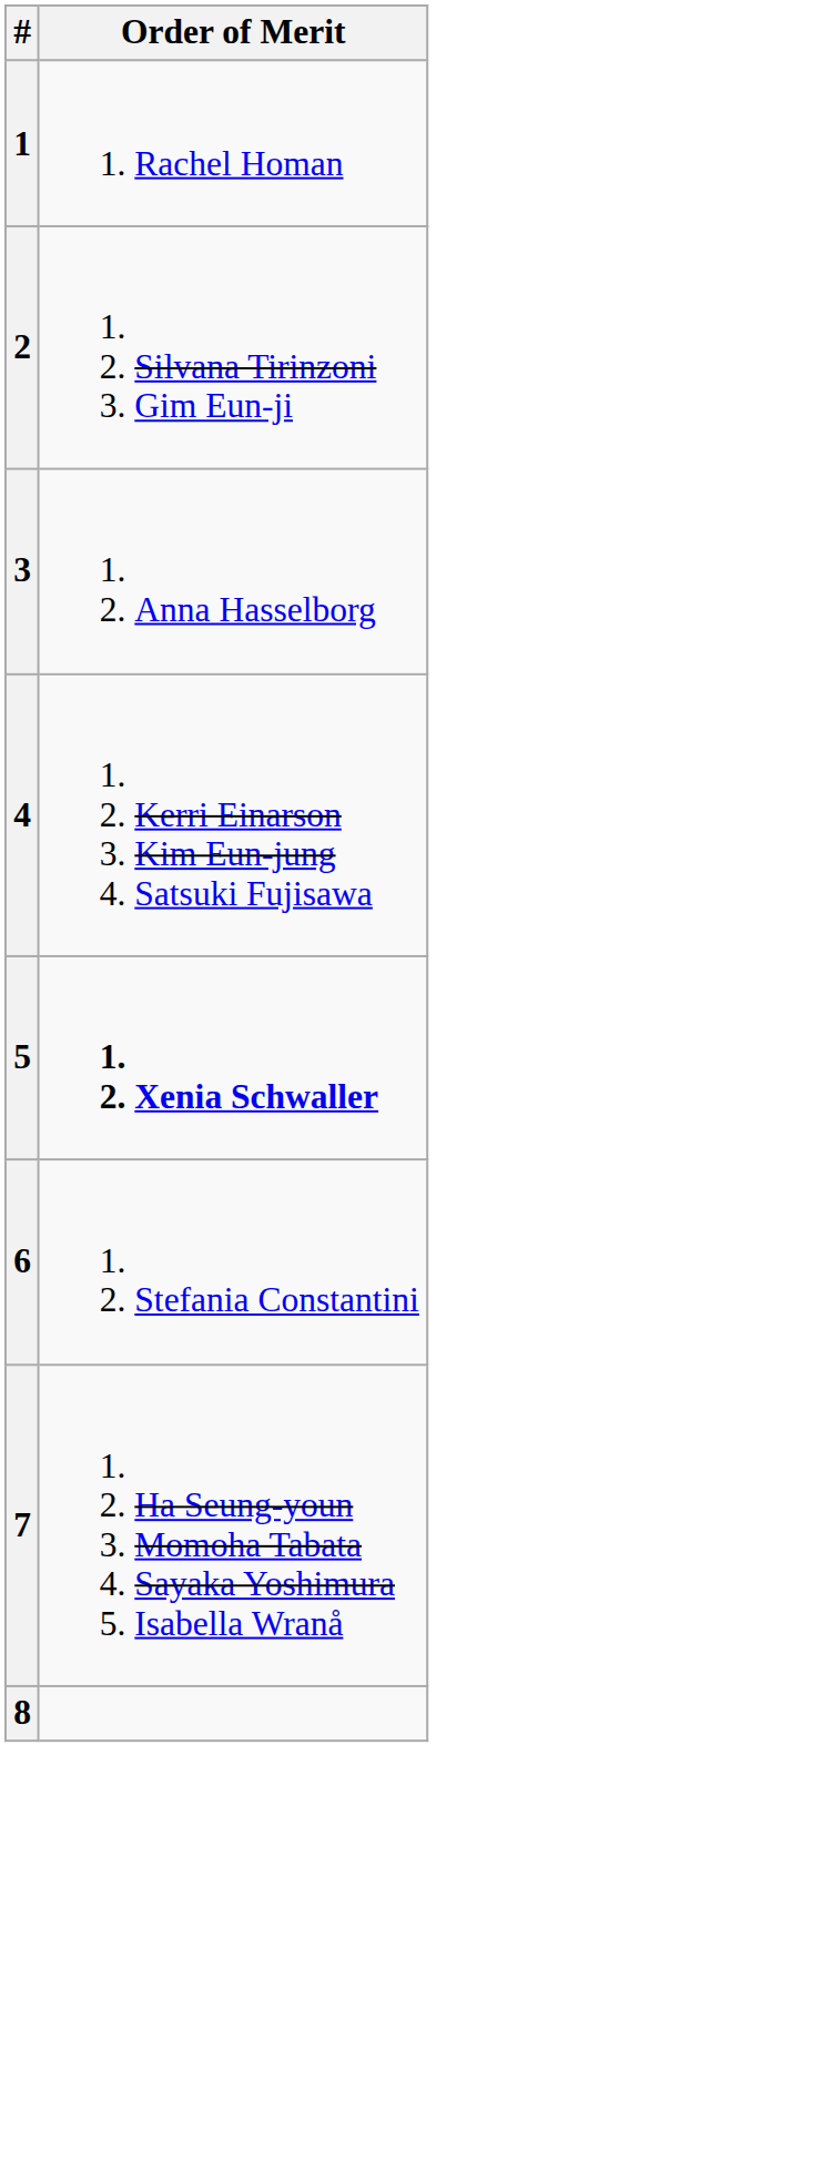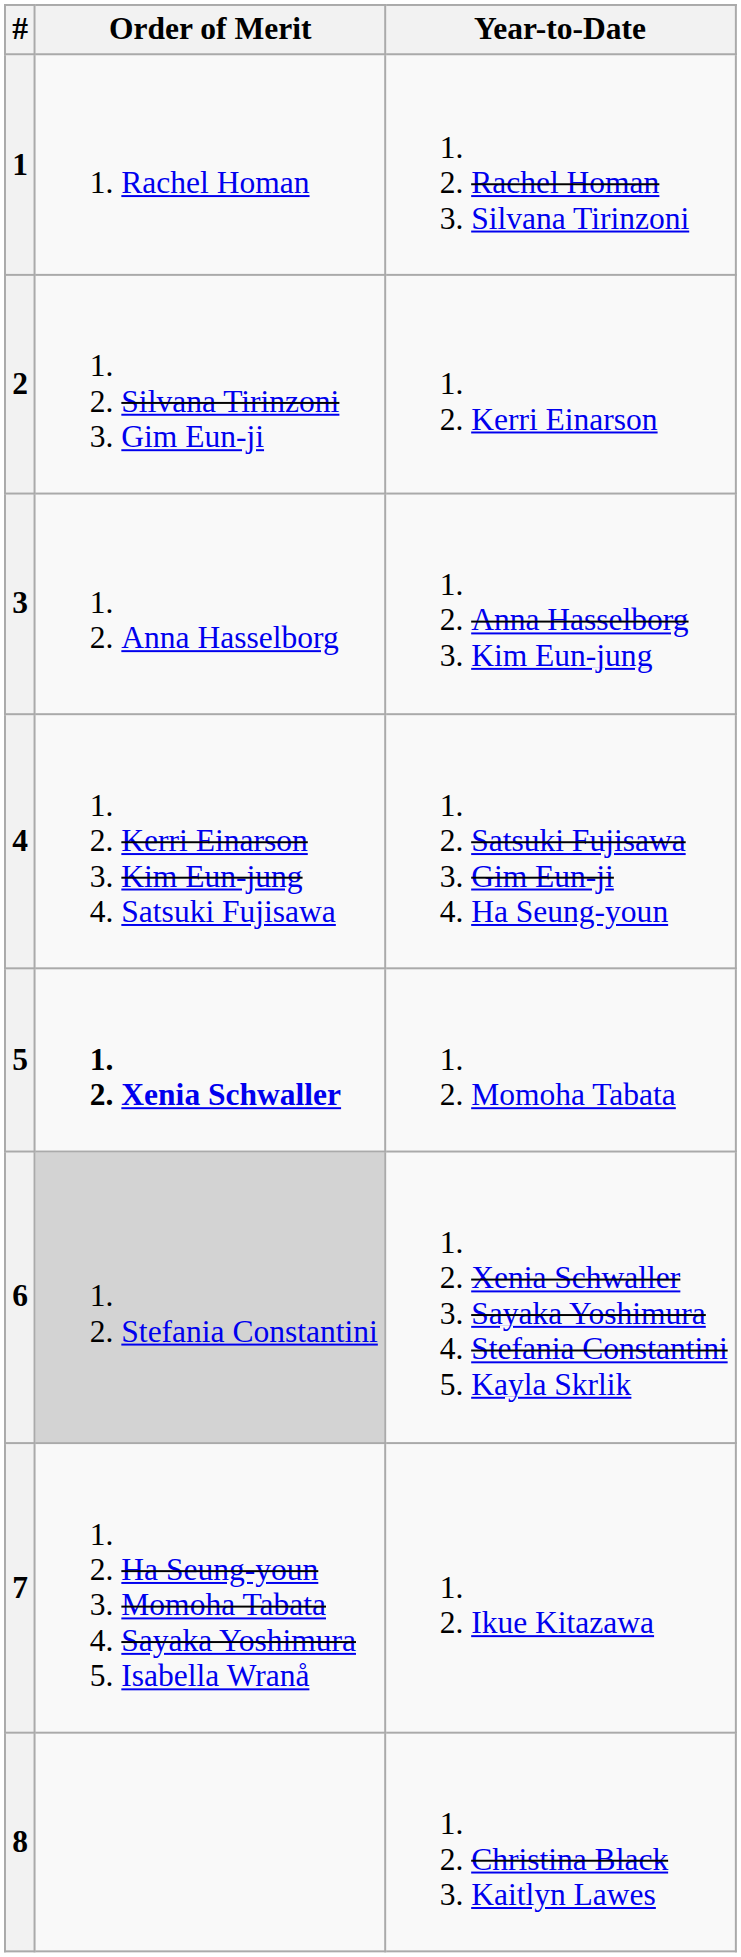 <table class=wikitable>
 <tr>
 <th>#</th>
 <th>Order of Merit</th>
+<th>Year-to-Date</th>
 </tr>
 <tr>
 <th>1</th>
 <td><br><ol><li> <a href='#'>Rachel Homan</a></li></ol></td>
+<td><br><ol><li><li> <s><a href='#'>Rachel Homan</a></s></li><li> <a href='#'>Silvana Tirinzoni</a></li></ol></td>
 </tr>
 <tr>
 <th>2</th>
 <td><br><ol><li><li> <s><a href='#'>Silvana Tirinzoni</a></s></li><li> <a href='#'>Gim Eun-ji</a></li></ol></td>
+<td><br><ol><li><li> <a href='#'>Kerri Einarson</a></li></ol></td>
 </tr>
 <tr>
 <th>3</th>
 <td><br><ol><li><li> <a href='#'>Anna Hasselborg</a></li></ol></td>
+<td><br><ol><li><li> <s><a href='#'>Anna Hasselborg</a></s></li><li> <a href='#'>Kim Eun-jung</a></li></ol></td>
 </tr>
 <tr>
 <th>4</th>
 <td><br><ol><li><li> <s><a href='#'>Kerri Einarson</a></s></li><li> <s><a href='#'>Kim Eun-jung</a></s></li><li> <a href='#'>Satsuki Fujisawa</a></li></ol></td>
+<td><br><ol><li><li> <s><a href='#'>Satsuki Fujisawa</a></s></li><li> <s><a href='#'>Gim Eun-ji</a></s></li><li> <a href='#'>Ha Seung-youn</a></li></ol></td>
 </tr>
 <tr>
 <th>5</th>
 <td><strong><br><ol><li><li> <a href='#'>Xenia Schwaller</a></li></ol></strong></td>
+<td><br><ol><li><li> <a href='#'>Momoha Tabata</a></li></ol></td>
 </tr>
 <tr>
 <th>6</th>
-<td><br><ol><li><li> <a href='#'>Stefania Constantini</a></li></ol></td>
+<td style="background: lightgrey;"><br><ol><li><li> <a href='#'>Stefania Constantini</a></li></ol></td>
+<td><br><ol><li><li> <s><a href='#'>Xenia Schwaller</a></s></li><li> <s><a href='#'>Sayaka Yoshimura</a></s></li><li> <s><a href='#'>Stefania Constantini</a></s></li><li> <a href='#'>Kayla Skrlik</a></li></ol></td>
 </tr>
 <tr>
 <th>7</th>
 <td><br><ol><li><li> <s><a href='#'>Ha Seung-youn</a></s></li><li> <s><a href='#'>Momoha Tabata</a></s></li><li> <s><a href='#'>Sayaka Yoshimura</a></s></li><li> <a href='#'>Isabella Wranå</a></li></ol></td>
+<td><br><ol><li><li> <a href='#'>Ikue Kitazawa</a></li></ol></td>
 </tr>
 <tr>
 <th>8</th>
 <td></td>
+<td><br><ol><li><li> <s><a href='#'>Christina Black</a></s></li><li> <a href='#'>Kaitlyn Lawes</a></li></ol></td>
 </tr>
 </table>
